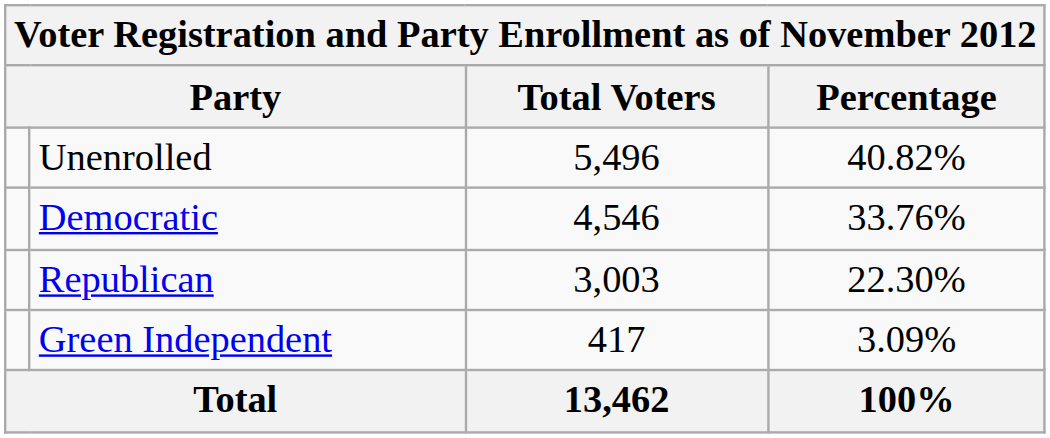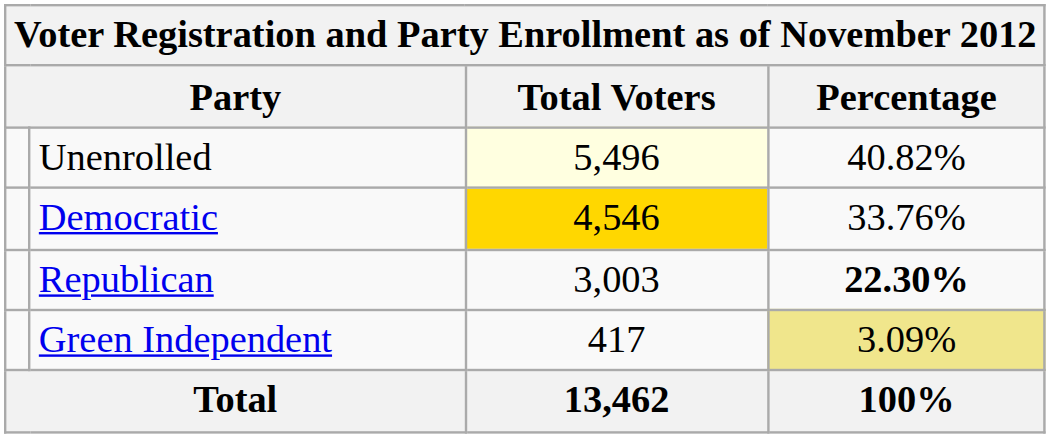 <table class=wikitable>
 <tr>
 <th colspan = 6>Voter Registration and Party Enrollment as of November 2012</th>
 </tr>
 <tr>
 <th colspan = 2>Party</th>
 <th>Total Voters</th>
 <th>Percentage</th>
 </tr>
 <tr>
 <td></td>
 <td>Unenrolled</td>
-<td align = center>5,496</td>
+<td align = center style="background: lightyellow;">5,496</td>
 <td align = center>40.82%</td>
 </tr>
 <tr>
 <td></td>
 <td><a href='#'>Democratic</a></td>
-<td align = center>4,546</td>
+<td align = center style="background: gold;">4,546</td>
 <td align = center>33.76%</td>
 </tr>
 <tr>
 <td></td>
 <td><a href='#'>Republican</a></td>
 <td align = center>3,003</td>
-<td align = center>22.30%</td>
+<td align = center><strong>22.30%</strong></td>
 </tr>
 <tr>
 <td></td>
 <td><a href='#'>Green Independent</a></td>
 <td align = center>417</td>
-<td align = center>3.09%</td>
+<td align = center style="background: khaki;">3.09%</td>
 </tr>
 <tr>
 <th colspan = 2>Total</th>
 <th align = center>13,462</th>
 <th align = center>100%</th>
 </tr>
 </table>
